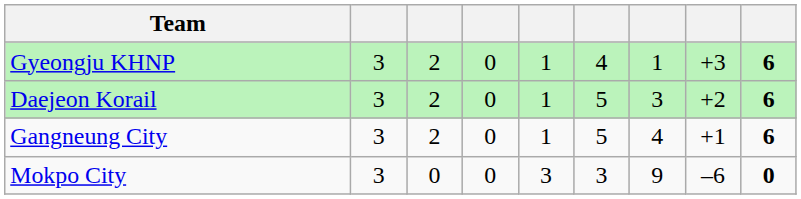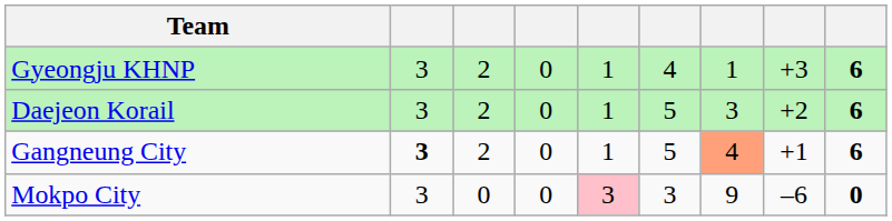 <table class="wikitable" style="text-align:center;">
 <tr>
 <th width=225>Team</th>
 <th width=30></th>
 <th width=30></th>
 <th width=30></th>
 <th width=30></th>
 <th width=30></th>
 <th width=30></th>
 <th width=30></th>
 <th width=30></th>
 </tr>
 <tr bgcolor=#bbf3bb>
 <td align=left><a href='#'>Gyeongju KHNP</a></td>
 <td>3</td>
 <td>2</td>
 <td>0</td>
 <td>1</td>
 <td>4</td>
 <td>1</td>
 <td>+3</td>
 <td><strong>6</strong></td>
 </tr>
 <tr bgcolor=#bbf3bb>
 <td align=left><a href='#'>Daejeon Korail</a></td>
 <td>3</td>
 <td>2</td>
 <td>0</td>
 <td>1</td>
 <td>5</td>
 <td>3</td>
 <td>+2</td>
 <td><strong>6</strong></td>
 </tr>
 <tr>
 <td align=left><a href='#'>Gangneung City</a></td>
-<td>3</td>
+<td><strong>3</strong></td>
 <td>2</td>
 <td>0</td>
 <td>1</td>
 <td>5</td>
-<td>4</td>
+<td style="background: lightsalmon;">4</td>
 <td>+1</td>
 <td><strong>6</strong></td>
 </tr>
 <tr>
 <td align=left><a href='#'>Mokpo City</a></td>
 <td>3</td>
 <td>0</td>
 <td>0</td>
-<td>3</td>
+<td style="background: pink;">3</td>
 <td>3</td>
 <td>9</td>
 <td>–6</td>
 <td><strong>0</strong></td>
 </tr>
 </table>
